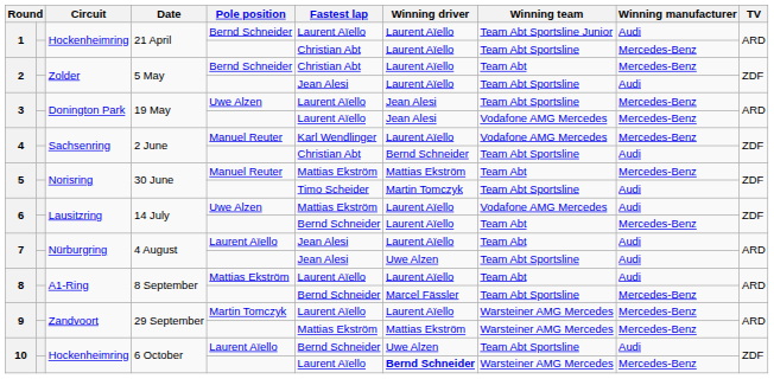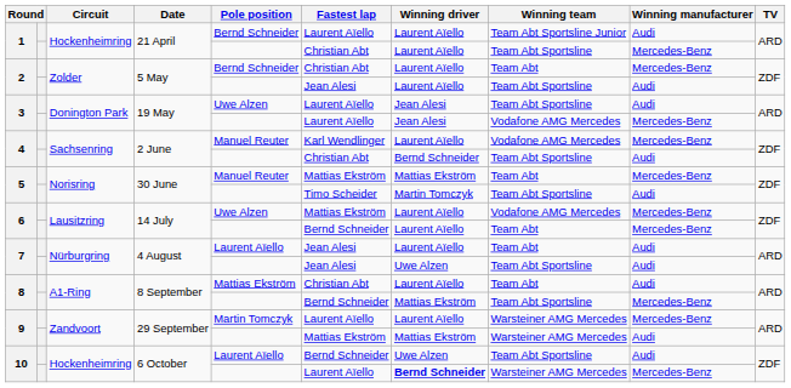 <table class="wikitable" style="font-size: 85%">
 <tr>
 <th colspan=2>Round</th>
 <th>Circuit</th>
 <th>Date</th>
 <th><a href='#'>Pole position</a></th>
 <th><a href='#'>Fastest lap</a></th>
 <th>Winning driver</th>
 <th>Winning team</th>
 <th>Winning manufacturer</th>
 <th>TV</th>
 </tr>
 <tr>
 <th rowspan=2>1</th>
 <th></th>
 <td rowspan=2> <a href='#'>Hockenheimring</a></td>
 <td rowspan=2>21 April</td>
 <td> <a href='#'>Bernd Schneider</a></td>
 <td> <a href='#'>Laurent Aïello</a></td>
 <td> <a href='#'>Laurent Aïello</a></td>
 <td><a href='#'>Team Abt Sportsline Junior</a></td>
 <td><a href='#'>Audi</a></td>
 <td rowspan=2>ARD</td>
 </tr>
 <tr>
 <th></th>
 <td></td>
 <td> <a href='#'>Christian Abt</a></td>
 <td> <a href='#'>Laurent Aïello</a></td>
 <td><a href='#'>Team Abt Sportsline</a></td>
 <td><a href='#'>Mercedes-Benz</a></td>
 </tr>
 <tr>
 <th rowspan=2>2</th>
 <th></th>
 <td rowspan=2> <a href='#'>Zolder</a></td>
 <td rowspan=2>5 May</td>
 <td> <a href='#'>Bernd Schneider</a></td>
 <td> <a href='#'>Christian Abt</a></td>
 <td> <a href='#'>Laurent Aïello</a></td>
 <td><a href='#'>Team Abt</a></td>
 <td><a href='#'>Mercedes-Benz</a></td>
 <td rowspan=2>ZDF</td>
 </tr>
 <tr>
 <th></th>
 <td></td>
 <td> <a href='#'>Jean Alesi</a></td>
 <td> <a href='#'>Laurent Aïello</a></td>
 <td><a href='#'>Team Abt Sportsline</a></td>
 <td><a href='#'>Audi</a></td>
 </tr>
 <tr>
 <th rowspan=2>3</th>
 <th></th>
 <td rowspan=2> <a href='#'>Donington Park</a></td>
 <td rowspan=2>19 May</td>
 <td> <a href='#'>Uwe Alzen</a></td>
 <td> <a href='#'>Laurent Aïello</a></td>
 <td> <a href='#'>Jean Alesi</a></td>
 <td><a href='#'>Team Abt Sportsline</a></td>
-<td><a href='#'>Mercedes-Benz</a></td>
+<td><a href='#'>Audi</a></td>
 <td rowspan=2>ARD</td>
 </tr>
 <tr>
 <th></th>
 <td></td>
 <td> <a href='#'>Laurent Aïello</a></td>
 <td> <a href='#'>Jean Alesi</a></td>
 <td><a href='#'>Vodafone AMG Mercedes</a></td>
 <td><a href='#'>Mercedes-Benz</a></td>
 </tr>
 <tr>
 <th rowspan=2>4</th>
 <th></th>
 <td rowspan=2> <a href='#'>Sachsenring</a></td>
 <td rowspan=2>2 June</td>
 <td> <a href='#'>Manuel Reuter</a></td>
 <td> <a href='#'>Karl Wendlinger</a></td>
 <td> <a href='#'>Laurent Aïello</a></td>
 <td><a href='#'>Vodafone AMG Mercedes</a></td>
 <td><a href='#'>Mercedes-Benz</a></td>
 <td rowspan=2>ZDF</td>
 </tr>
 <tr>
 <th></th>
 <td></td>
 <td> <a href='#'>Christian Abt</a></td>
 <td> <a href='#'>Bernd Schneider</a></td>
 <td><a href='#'>Team Abt Sportsline</a></td>
 <td><a href='#'>Audi</a></td>
 </tr>
 <tr>
 <th rowspan=2>5</th>
 <th></th>
 <td rowspan=2> <a href='#'>Norisring</a></td>
 <td rowspan=2>30 June</td>
 <td> <a href='#'>Manuel Reuter</a></td>
 <td> <a href='#'>Mattias Ekström</a></td>
 <td> <a href='#'>Mattias Ekström</a></td>
 <td><a href='#'>Team Abt</a></td>
 <td><a href='#'>Mercedes-Benz</a></td>
 <td rowspan=2>ZDF</td>
 </tr>
 <tr>
 <th></th>
 <td></td>
 <td> <a href='#'>Timo Scheider</a></td>
 <td> <a href='#'>Martin Tomczyk</a></td>
 <td><a href='#'>Team Abt Sportsline</a></td>
 <td><a href='#'>Audi</a></td>
 </tr>
 <tr>
 <th rowspan=2>6</th>
 <th></th>
 <td rowspan=2> <a href='#'>Lausitzring</a></td>
 <td rowspan=2>14 July</td>
 <td> <a href='#'>Uwe Alzen</a></td>
 <td> <a href='#'>Mattias Ekström</a></td>
 <td> <a href='#'>Laurent Aïello</a></td>
 <td><a href='#'>Vodafone AMG Mercedes</a></td>
-<td><a href='#'>Audi</a></td>
+<td><a href='#'>Mercedes-Benz</a></td>
 <td rowspan=2>ZDF</td>
 </tr>
 <tr>
 <th></th>
 <td></td>
 <td> <a href='#'>Bernd Schneider</a></td>
 <td> <a href='#'>Laurent Aïello</a></td>
 <td><a href='#'>Team Abt</a></td>
 <td><a href='#'>Mercedes-Benz</a></td>
 </tr>
 <tr>
 <th rowspan=2>7</th>
 <th></th>
 <td rowspan=2> <a href='#'>Nürburgring</a></td>
 <td rowspan=2>4 August</td>
 <td> <a href='#'>Laurent Aïello</a></td>
 <td> <a href='#'>Jean Alesi</a></td>
 <td> <a href='#'>Laurent Aïello</a></td>
 <td><a href='#'>Team Abt</a></td>
 <td><a href='#'>Audi</a></td>
 <td rowspan=2>ARD</td>
 </tr>
 <tr>
 <th></th>
 <td></td>
 <td> <a href='#'>Jean Alesi</a></td>
 <td> <a href='#'>Uwe Alzen</a></td>
 <td><a href='#'>Team Abt Sportsline</a></td>
 <td><a href='#'>Audi</a></td>
 </tr>
 <tr>
 <th rowspan=2>8</th>
 <th></th>
 <td rowspan=2> <a href='#'>A1-Ring</a></td>
 <td rowspan=2>8 September</td>
 <td> <a href='#'>Mattias Ekström</a></td>
-<td> <a href='#'>Laurent Aïello</a></td>
+<td> <a href='#'>Christian Abt</a></td>
 <td> <a href='#'>Laurent Aïello</a></td>
 <td><a href='#'>Team Abt</a></td>
 <td><a href='#'>Audi</a></td>
 <td rowspan=2>ARD</td>
 </tr>
 <tr>
 <th></th>
 <td></td>
 <td> <a href='#'>Bernd Schneider</a></td>
-<td> <a href='#'>Marcel Fässler</a></td>
+<td> <a href='#'>Mattias Ekström</a></td>
 <td><a href='#'>Team Abt Sportsline</a></td>
 <td><a href='#'>Mercedes-Benz</a></td>
 </tr>
 <tr>
 <th rowspan=2>9</th>
 <th></th>
 <td rowspan=2> <a href='#'>Zandvoort</a></td>
 <td rowspan=2>29 September</td>
 <td> <a href='#'>Martin Tomczyk</a></td>
 <td> <a href='#'>Laurent Aïello</a></td>
 <td> <a href='#'>Laurent Aïello</a></td>
 <td><a href='#'>Warsteiner AMG Mercedes</a></td>
 <td><a href='#'>Mercedes-Benz</a></td>
 <td rowspan=2>ARD</td>
 </tr>
 <tr>
 <th></th>
 <td></td>
 <td> <a href='#'>Mattias Ekström</a></td>
 <td> <a href='#'>Mattias Ekström</a></td>
 <td><a href='#'>Warsteiner AMG Mercedes</a></td>
-<td><a href='#'>Mercedes-Benz</a></td>
+<td><a href='#'>Audi</a></td>
 </tr>
 <tr>
 <th rowspan=2>10</th>
 <th></th>
 <td rowspan=2> <a href='#'>Hockenheimring</a></td>
 <td rowspan=2>6 October</td>
 <td> <a href='#'>Laurent Aïello</a></td>
 <td> <a href='#'>Bernd Schneider</a></td>
 <td> <a href='#'>Uwe Alzen</a></td>
 <td><a href='#'>Team Abt Sportsline</a></td>
 <td><a href='#'>Audi</a></td>
 <td rowspan=2>ZDF</td>
 </tr>
 <tr>
 <th></th>
 <td></td>
 <td> <a href='#'>Laurent Aïello</a></td>
 <td><strong> <a href='#'>Bernd Schneider</a></strong></td>
 <td><a href='#'>Warsteiner AMG Mercedes</a></td>
 <td><a href='#'>Mercedes-Benz</a></td>
 </tr>
 </table>
